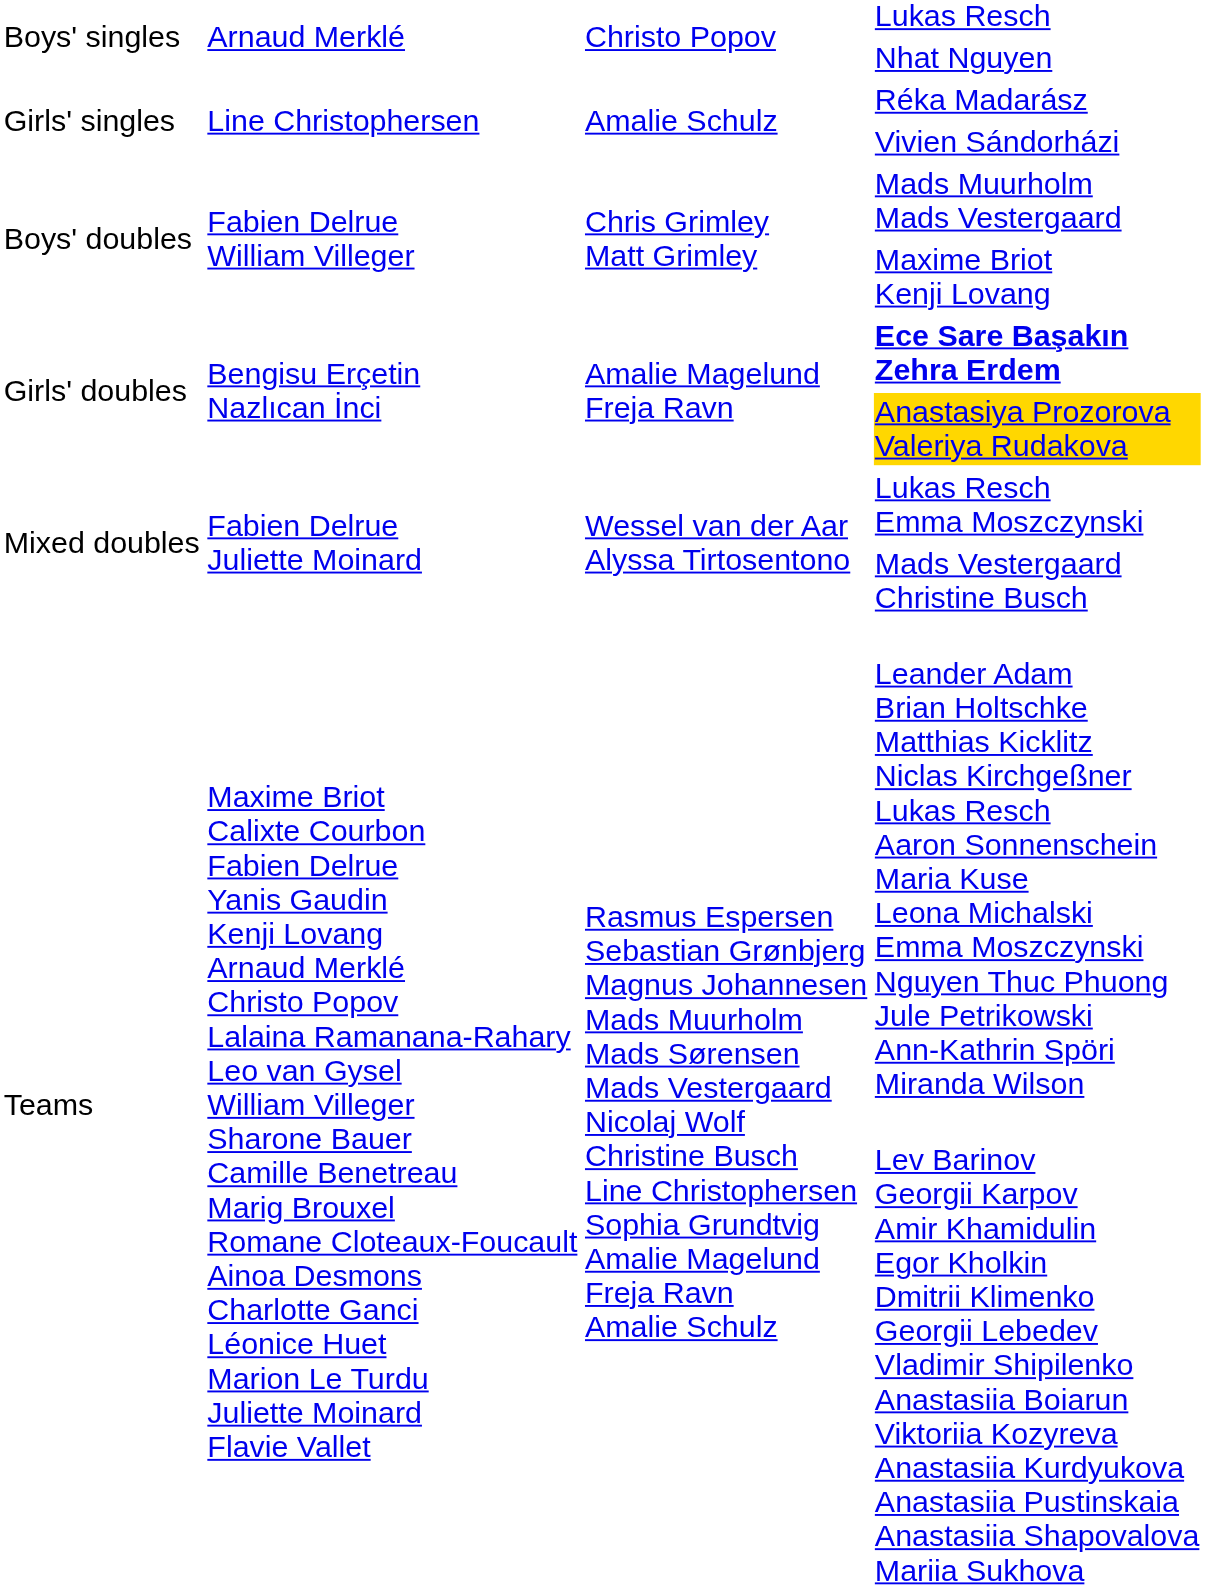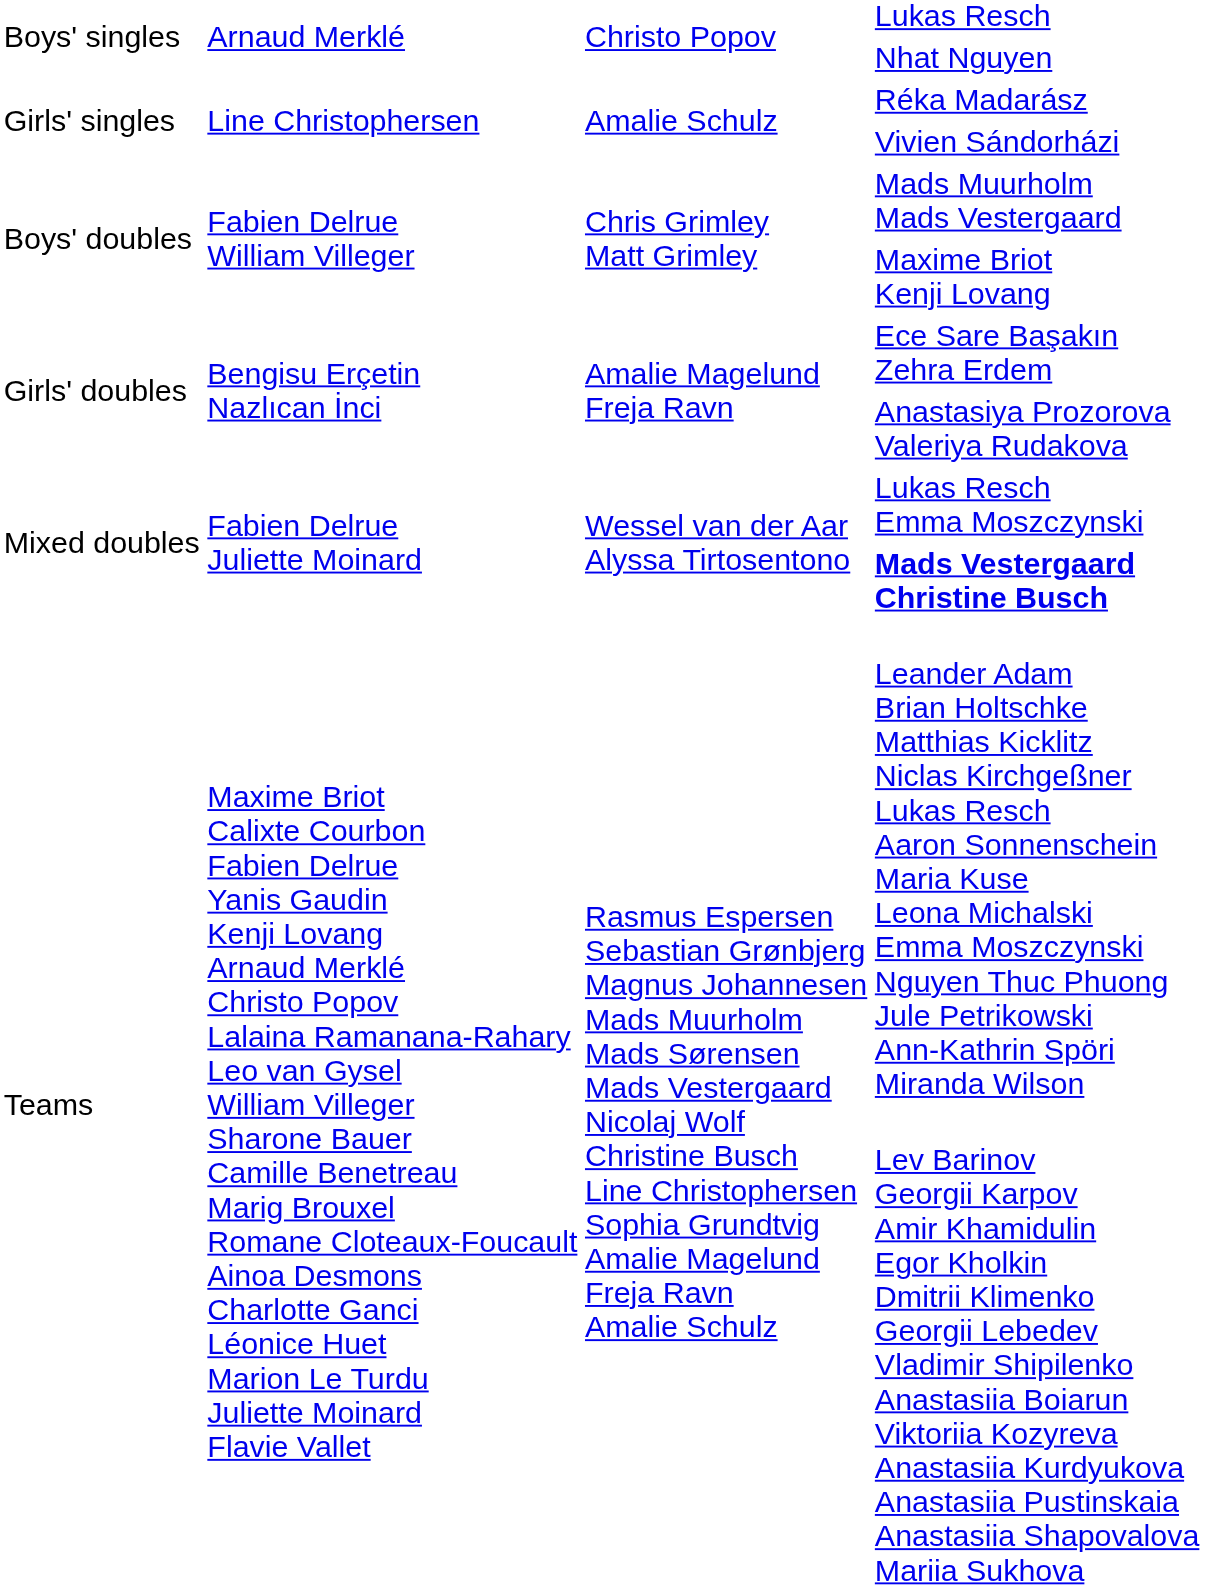 <table>
 <tr>
 <td rowspan=2>Boys' singles<br></td>
 <td rowspan=2> <a href='#'>Arnaud Merklé</a></td>
 <td rowspan=2> <a href='#'>Christo Popov</a></td>
 <td> <a href='#'>Lukas Resch</a></td>
 </tr>
 <tr>
 <td> <a href='#'>Nhat Nguyen</a></td>
 </tr>
 <tr>
 <td rowspan=2>Girls' singles<br></td>
 <td rowspan=2> <a href='#'>Line Christophersen</a></td>
 <td rowspan=2> <a href='#'>Amalie Schulz</a></td>
 <td> <a href='#'>Réka Madarász</a></td>
 </tr>
 <tr>
 <td> <a href='#'>Vivien Sándorházi</a></td>
 </tr>
 <tr>
 <td rowspan=2>Boys' doubles<br></td>
 <td rowspan=2> <a href='#'>Fabien Delrue</a><br> <a href='#'>William Villeger</a></td>
 <td rowspan=2> <a href='#'>Chris Grimley</a><br> <a href='#'>Matt Grimley</a></td>
 <td> <a href='#'>Mads Muurholm</a><br> <a href='#'>Mads Vestergaard</a></td>
 </tr>
 <tr>
 <td> <a href='#'>Maxime Briot</a><br> <a href='#'>Kenji Lovang</a></td>
 </tr>
 <tr>
 <td rowspan=2>Girls' doubles<br></td>
 <td rowspan=2> <a href='#'>Bengisu Erçetin</a><br> <a href='#'>Nazlıcan İnci</a></td>
 <td rowspan=2> <a href='#'>Amalie Magelund</a><br> <a href='#'>Freja Ravn</a></td>
-<td><strong> <a href='#'>Ece Sare Başakın</a><br> <a href='#'>Zehra Erdem</a></strong></td>
+<td> <a href='#'>Ece Sare Başakın</a><br> <a href='#'>Zehra Erdem</a></td>
 </tr>
 <tr>
-<td style="background: gold;"> <a href='#'>Anastasiya Prozorova</a><br> <a href='#'>Valeriya Rudakova</a></td>
+<td> <a href='#'>Anastasiya Prozorova</a><br> <a href='#'>Valeriya Rudakova</a></td>
 </tr>
 <tr>
 <td rowspan=2>Mixed doubles<br></td>
 <td rowspan=2> <a href='#'>Fabien Delrue</a><br> <a href='#'>Juliette Moinard</a></td>
 <td rowspan=2> <a href='#'>Wessel van der Aar</a><br> <a href='#'>Alyssa Tirtosentono</a></td>
 <td> <a href='#'>Lukas Resch</a><br> <a href='#'>Emma Moszczynski</a></td>
 </tr>
 <tr>
-<td> <a href='#'>Mads Vestergaard</a><br> <a href='#'>Christine Busch</a></td>
+<td><strong> <a href='#'>Mads Vestergaard</a><br> <a href='#'>Christine Busch</a></strong></td>
 </tr>
 <tr>
 <td rowspan=2>Teams</td>
 <td rowspan=2><br><a href='#'>Maxime Briot</a><br><a href='#'>Calixte Courbon</a><br><a href='#'>Fabien Delrue</a><br><a href='#'>Yanis Gaudin</a><br><a href='#'>Kenji Lovang</a><br><a href='#'>Arnaud Merklé</a><br><a href='#'>Christo Popov</a><br><a href='#'>Lalaina Ramanana-Rahary</a><br><a href='#'>Leo van Gysel</a><br><a href='#'>William Villeger</a><br><a href='#'>Sharone Bauer</a><br><a href='#'>Camille Benetreau</a><br><a href='#'>Marig Brouxel</a><br><a href='#'>Romane Cloteaux-Foucault</a><br><a href='#'>Ainoa Desmons</a><br><a href='#'>Charlotte Ganci</a><br><a href='#'>Léonice Huet</a><br><a href='#'>Marion Le Turdu</a><br><a href='#'>Juliette Moinard</a><br><a href='#'>Flavie Vallet</a></td>
 <td rowspan=2><br><a href='#'>Rasmus Espersen</a><br><a href='#'>Sebastian Grønbjerg</a><br><a href='#'>Magnus Johannesen</a><br><a href='#'>Mads Muurholm</a><br><a href='#'>Mads Sørensen</a><br><a href='#'>Mads Vestergaard</a><br><a href='#'>Nicolaj Wolf</a><br><a href='#'>Christine Busch</a><br><a href='#'>Line Christophersen</a><br><a href='#'>Sophia Grundtvig</a><br><a href='#'>Amalie Magelund</a><br><a href='#'>Freja Ravn</a><br><a href='#'>Amalie Schulz</a></td>
 <td><br><a href='#'>Leander Adam</a><br><a href='#'>Brian Holtschke</a><br><a href='#'>Matthias Kicklitz</a><br><a href='#'>Niclas Kirchgeßner</a><br><a href='#'>Lukas Resch</a><br><a href='#'>Aaron Sonnenschein</a><br><a href='#'>Maria Kuse</a><br><a href='#'>Leona Michalski</a><br><a href='#'>Emma Moszczynski</a><br><a href='#'>Nguyen Thuc Phuong</a><br><a href='#'>Jule Petrikowski</a><br><a href='#'>Ann-Kathrin Spöri</a><br><a href='#'>Miranda Wilson</a></td>
 </tr>
 <tr>
 <td><br><a href='#'>Lev Barinov</a><br><a href='#'>Georgii Karpov</a><br><a href='#'>Amir Khamidulin</a><br><a href='#'>Egor Kholkin</a><br><a href='#'>Dmitrii Klimenko</a><br><a href='#'>Georgii Lebedev</a><br><a href='#'>Vladimir Shipilenko</a><br><a href='#'>Anastasiia Boiarun</a><br><a href='#'>Viktoriia Kozyreva</a><br><a href='#'>Anastasiia Kurdyukova</a><br><a href='#'>Anastasiia Pustinskaia</a><br><a href='#'>Anastasiia Shapovalova</a><br><a href='#'>Mariia Sukhova</a></td>
 </tr>
 </table>
